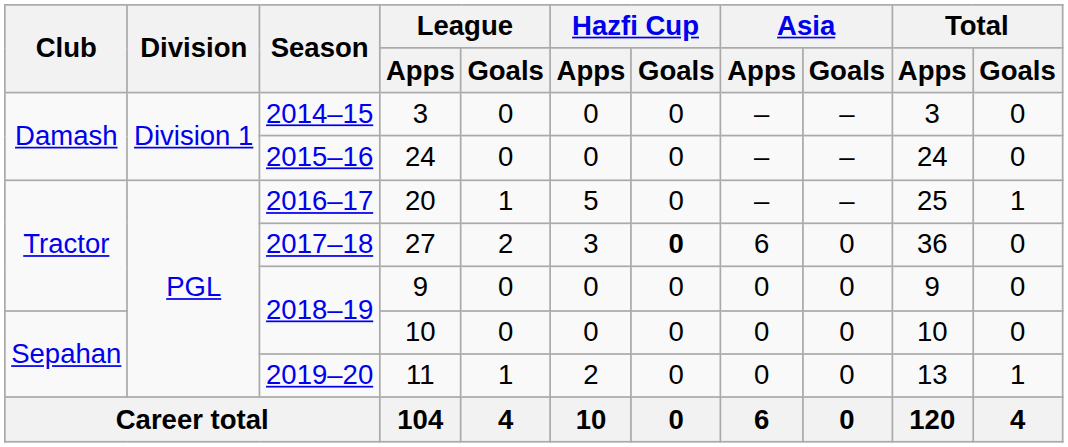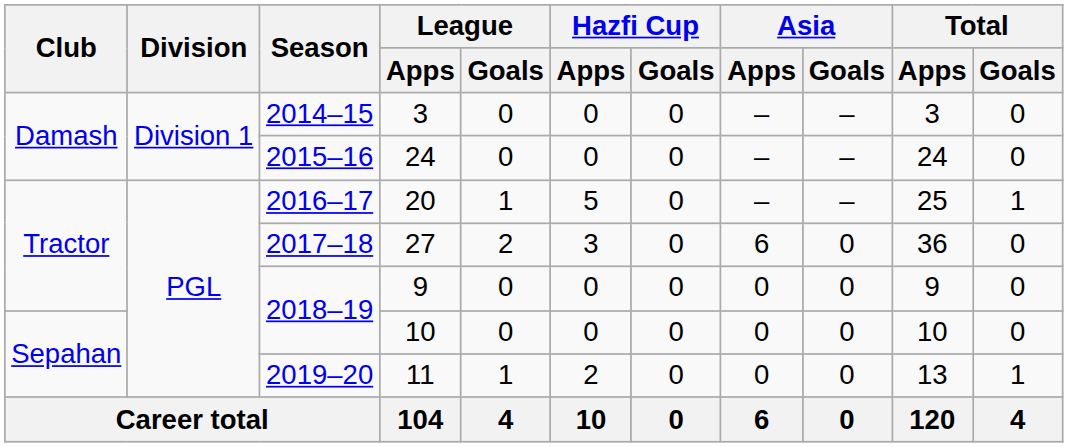 <table class="wikitable" style="text-align: center;">
 <tr>
 <th rowspan="2">Club</th>
 <th rowspan="2">Division</th>
 <th rowspan="2">Season</th>
 <th colspan="2">League</th>
 <th colspan="2"><a href='#'>Hazfi Cup</a></th>
 <th colspan="2"><a href='#'>Asia</a></th>
 <th colspan="2">Total</th>
 </tr>
 <tr>
 <th>Apps</th>
 <th>Goals</th>
 <th>Apps</th>
 <th>Goals</th>
 <th>Apps</th>
 <th>Goals</th>
 <th>Apps</th>
 <th>Goals</th>
 </tr>
 <tr>
 <td rowspan="2"><a href='#'>Damash</a></td>
 <td rowspan="2"><a href='#'>Division 1</a></td>
 <td><a href='#'>2014–15</a></td>
 <td>3</td>
 <td>0</td>
 <td>0</td>
 <td>0</td>
 <td>–</td>
 <td>–</td>
 <td>3</td>
 <td>0</td>
 </tr>
 <tr>
 <td><a href='#'>2015–16</a></td>
 <td>24</td>
 <td>0</td>
 <td>0</td>
 <td>0</td>
 <td>–</td>
 <td>–</td>
 <td>24</td>
 <td>0</td>
 </tr>
 <tr>
 <td rowspan="3"><a href='#'>Tractor</a></td>
 <td rowspan="5"><a href='#'>PGL</a></td>
 <td><a href='#'>2016–17</a></td>
 <td>20</td>
 <td>1</td>
 <td>5</td>
 <td>0</td>
 <td>–</td>
 <td>–</td>
 <td>25</td>
 <td>1</td>
 </tr>
 <tr>
 <td><a href='#'>2017–18</a></td>
 <td>27</td>
 <td>2</td>
 <td>3</td>
-<td><strong>0</strong></td>
+<td>0</td>
 <td>6</td>
 <td>0</td>
 <td>36</td>
 <td>0</td>
 </tr>
 <tr>
 <td rowspan="2"><a href='#'>2018–19</a></td>
 <td>9</td>
 <td>0</td>
 <td>0</td>
 <td>0</td>
 <td>0</td>
 <td>0</td>
 <td>9</td>
 <td>0</td>
 </tr>
 <tr>
 <td rowspan="2"><a href='#'>Sepahan</a></td>
 <td>10</td>
 <td>0</td>
 <td>0</td>
 <td>0</td>
 <td>0</td>
 <td>0</td>
 <td>10</td>
 <td>0</td>
 </tr>
 <tr>
 <td><a href='#'>2019–20</a></td>
 <td>11</td>
 <td>1</td>
 <td>2</td>
 <td>0</td>
 <td>0</td>
 <td>0</td>
 <td>13</td>
 <td>1</td>
 </tr>
 <tr>
 <th colspan=3>Career total</th>
 <th>104</th>
 <th>4</th>
 <th>10</th>
 <th>0</th>
 <th>6</th>
 <th>0</th>
 <th>120</th>
 <th>4</th>
 </tr>
 </table>
